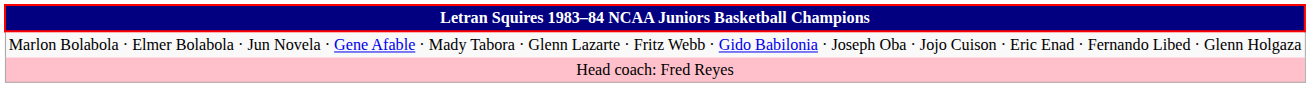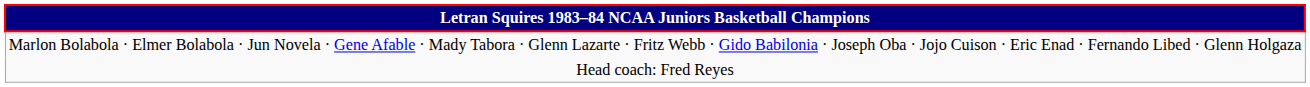 <table class="wikitable" style="text-align: center">
 <tr>
 <th style = "background:#020080; border:2px solid red; color:white">Letran Squires 1983–84 NCAA Juniors Basketball Champions</th>
 </tr>
 <tr>
 <td style="border-style: none none none none;">Marlon Bolabola · Elmer Bolabola · Jun Novela · <a href='#'>Gene Afable</a> · Mady Tabora · Glenn Lazarte · Fritz Webb · <a href='#'>Gido Babilonia</a> · Joseph Oba · Jojo Cuison · Eric Enad · Fernando Libed · Glenn Holgaza</td>
 </tr>
 <tr>
-<td style="background: pink; border-style: none none none none;">Head coach: Fred Reyes</td>
+<td style="border-style: none none none none;">Head coach: Fred Reyes</td>
 </tr>
 </table>
